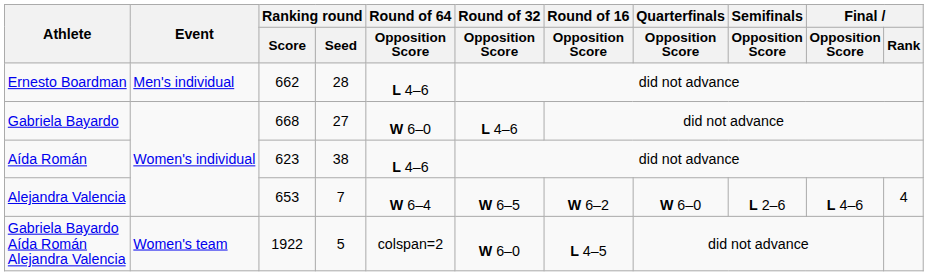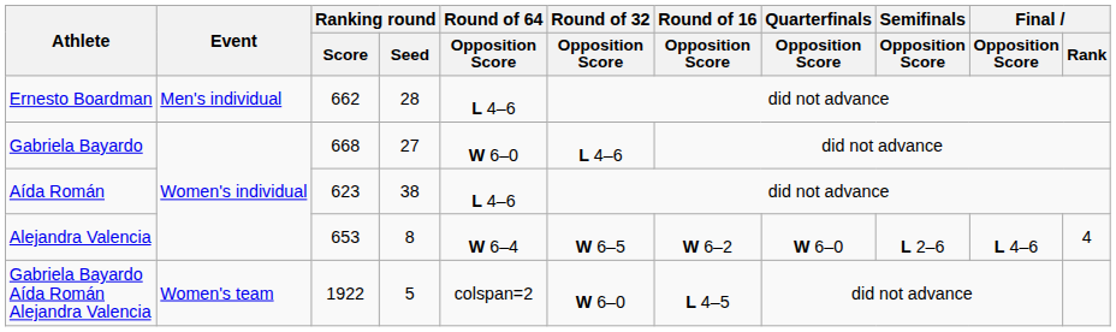 <table class="wikitable" style="font-size:90%">
 <tr>
 <th rowspan=2>Athlete</th>
 <th rowspan=2>Event</th>
 <th colspan="2">Ranking round</th>
 <th>Round of 64</th>
 <th>Round of 32</th>
 <th>Round of 16</th>
 <th>Quarterfinals</th>
 <th>Semifinals</th>
 <th colspan="2">Final / </th>
 </tr>
 <tr style="font-size:95%">
 <th>Score</th>
 <th>Seed</th>
 <th>Opposition<br>Score</th>
 <th>Opposition<br>Score</th>
 <th>Opposition<br>Score</th>
 <th>Opposition<br>Score</th>
 <th>Opposition<br>Score</th>
 <th>Opposition<br>Score</th>
 <th>Rank</th>
 </tr>
 <tr align=center>
 <td align=left><a href='#'>Ernesto Boardman</a></td>
 <td align=left><a href='#'>Men's individual</a></td>
 <td>662</td>
 <td>28</td>
 <td><br><strong>L</strong> 4–6</td>
 <td colspan=6>did not advance</td>
 </tr>
 <tr align=center>
 <td align=left><a href='#'>Gabriela Bayardo</a></td>
 <td align=left rowspan=3><a href='#'>Women's individual</a></td>
 <td>668</td>
 <td>27</td>
 <td><br><strong>W</strong> 6–0</td>
 <td><br><strong>L</strong> 4–6</td>
 <td colspan=5>did not advance</td>
 </tr>
 <tr align=center>
 <td align=left><a href='#'>Aída Román</a></td>
 <td>623</td>
 <td>38</td>
 <td><br><strong>L</strong> 4–6</td>
 <td colspan=6>did not advance</td>
 </tr>
 <tr align=center>
 <td align=left><a href='#'>Alejandra Valencia</a></td>
 <td>653</td>
-<td>7</td>
+<td>8</td>
 <td><br><strong>W</strong> 6–4</td>
 <td><br><strong>W</strong> 6–5</td>
 <td><br><strong>W</strong> 6–2</td>
 <td><br><strong>W</strong> 6–0</td>
 <td><br><strong>L</strong> 2–6</td>
 <td><br><strong>L</strong> 4–6</td>
 <td>4</td>
 </tr>
 <tr align=center>
 <td align=left><a href='#'>Gabriela Bayardo</a><br><a href='#'>Aída Román</a><br><a href='#'>Alejandra Valencia</a></td>
 <td align=left><a href='#'>Women's team</a></td>
 <td>1922</td>
 <td>5</td>
 <td>colspan=2 </td>
 <td><br><strong>W</strong> 6–0</td>
 <td><br><strong>L</strong> 4–5</td>
 <td colspan=3>did not advance</td>
 </tr>
 </table>
